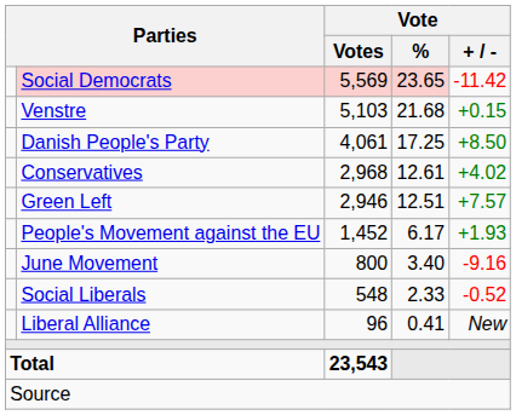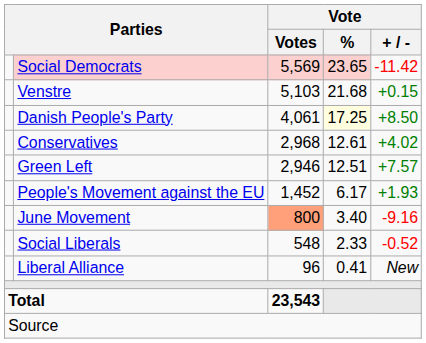 <table class="wikitable" style="text-align:right;">
 <tr>
 <th style="text-align:centre;" rowspan="2" colspan="2" width="225">Parties</th>
 <th colspan="3">Vote</th>
 </tr>
 <tr>
 <th width="15">Votes</th>
 <th width="15">%</th>
 <th width="15">+ / -</th>
 </tr>
 <tr>
 <td width="2" style="color:inherit;background:"></td>
 <td bgcolor=#fbd0ce   align="left"><a href='#'>Social Democrats</a></td>
 <td bgcolor=#fbd0ce>5,569</td>
 <td bgcolor=#fbd0ce>23.65</td>
 <td style=color:red;>-11.42</td>
 </tr>
 <tr>
 <td width="2" style="color:inherit;background:"></td>
 <td align="left"><a href='#'>Venstre</a></td>
 <td>5,103</td>
 <td>21.68</td>
 <td style=color:green;>+0.15</td>
 </tr>
 <tr>
 <td width="2" style="color:inherit;background:"></td>
 <td align="left"><a href='#'>Danish People's Party</a></td>
 <td>4,061</td>
-<td>17.25</td>
+<td style="background: lightyellow;">17.25</td>
 <td style=color:green;>+8.50</td>
 </tr>
 <tr>
 <td width="2" style="color:inherit;background:"></td>
 <td align="left"><a href='#'>Conservatives</a></td>
 <td>2,968</td>
 <td>12.61</td>
 <td style=color:green;>+4.02</td>
 </tr>
 <tr>
 <td width="2" style="color:inherit;background:"></td>
 <td align="left"><a href='#'>Green Left</a></td>
 <td>2,946</td>
 <td>12.51</td>
 <td style=color:green;>+7.57</td>
 </tr>
 <tr>
 <td width="2" style="color:inherit;background:"></td>
 <td align="left"><a href='#'>People's Movement against the EU</a></td>
 <td>1,452</td>
 <td>6.17</td>
 <td style=color:green;>+1.93</td>
 </tr>
 <tr>
 <td width="2" style="color:inherit;background:"></td>
 <td align="left"><a href='#'>June Movement</a></td>
-<td>800</td>
+<td style="background: lightsalmon;">800</td>
 <td>3.40</td>
 <td style=color:red;>-9.16</td>
 </tr>
 <tr>
 <td width="2" style="color:inherit;background:"></td>
 <td align="left"><a href='#'>Social Liberals</a></td>
 <td>548</td>
 <td>2.33</td>
 <td style=color:red;>-0.52</td>
 </tr>
 <tr>
 <td width="2" style="color:inherit;background:"></td>
 <td align="left"><a href='#'>Liberal Alliance</a></td>
 <td>96</td>
 <td>0.41</td>
 <td><em>New</em></td>
 </tr>
 <tr>
 <td colspan="7" bgcolor="#E9E9E9"></td>
 </tr>
 <tr>
 <td align="left" colspan="2"><strong>Total</strong></td>
 <td><strong>23,543</strong></td>
 <td bgcolor="#E9E9E9" colspan="2"></td>
 </tr>
 <tr>
 <td align="left" colspan="6">Source</td>
 </tr>
 </table>
